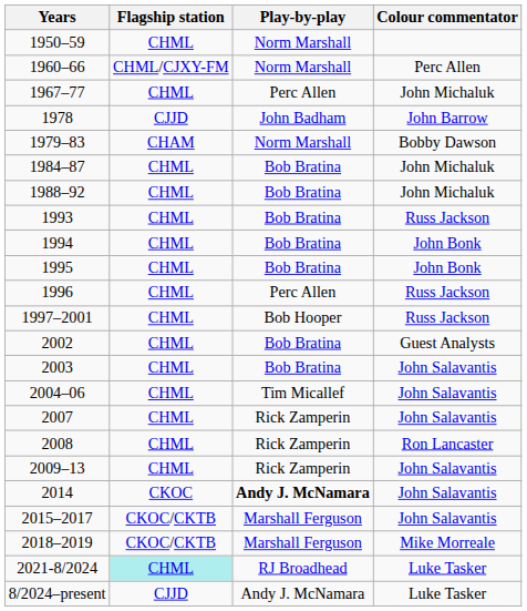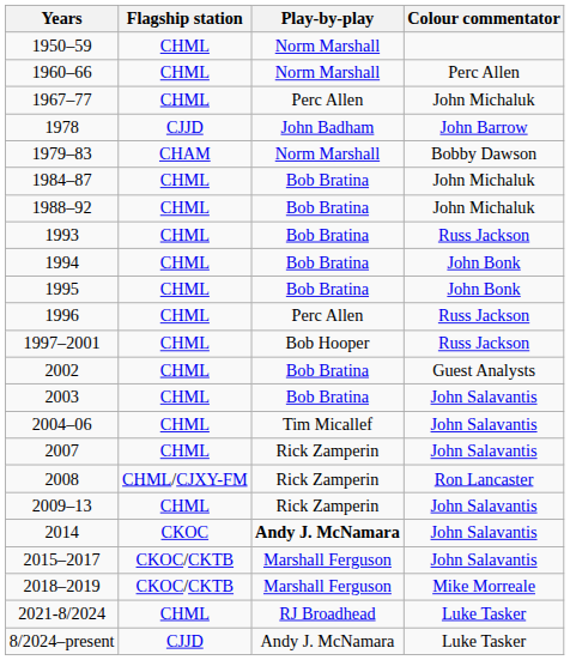 <table class="wikitable" style="text-align: center;">
 <tr>
 <th>Years</th>
 <th>Flagship station</th>
 <th>Play-by-play</th>
 <th>Colour commentator</th>
 </tr>
 <tr>
 <td>1950–59</td>
 <td><a href='#'>CHML</a></td>
 <td><a href='#'>Norm Marshall</a></td>
 <td></td>
 </tr>
 <tr>
 <td>1960–66</td>
-<td><a href='#'>CHML</a>/<a href='#'>CJXY-FM</a></td>
+<td><a href='#'>CHML</a></td>
 <td><a href='#'>Norm Marshall</a></td>
 <td>Perc Allen</td>
 </tr>
 <tr>
 <td>1967–77</td>
 <td><a href='#'>CHML</a></td>
 <td>Perc Allen</td>
 <td>John Michaluk</td>
 </tr>
 <tr>
 <td>1978</td>
 <td><a href='#'>CJJD</a></td>
 <td><a href='#'>John Badham</a></td>
 <td><a href='#'>John Barrow</a></td>
 </tr>
 <tr>
 <td>1979–83</td>
 <td><a href='#'>CHAM</a></td>
 <td><a href='#'>Norm Marshall</a></td>
 <td>Bobby Dawson</td>
 </tr>
 <tr>
 <td>1984–87</td>
 <td><a href='#'>CHML</a></td>
 <td><a href='#'>Bob Bratina</a></td>
 <td>John Michaluk</td>
 </tr>
 <tr>
 <td>1988–92</td>
 <td><a href='#'>CHML</a></td>
 <td><a href='#'>Bob Bratina</a></td>
 <td>John Michaluk</td>
 </tr>
 <tr>
 <td>1993</td>
 <td><a href='#'>CHML</a></td>
 <td><a href='#'>Bob Bratina</a></td>
 <td><a href='#'>Russ Jackson</a></td>
 </tr>
 <tr>
 <td>1994</td>
 <td><a href='#'>CHML</a></td>
 <td><a href='#'>Bob Bratina</a></td>
 <td><a href='#'>John Bonk</a></td>
 </tr>
 <tr>
 <td>1995</td>
 <td><a href='#'>CHML</a></td>
 <td><a href='#'>Bob Bratina</a></td>
 <td><a href='#'>John Bonk</a></td>
 </tr>
 <tr>
 <td>1996</td>
 <td><a href='#'>CHML</a></td>
 <td>Perc Allen</td>
 <td><a href='#'>Russ Jackson</a></td>
 </tr>
 <tr>
 <td>1997–2001</td>
 <td><a href='#'>CHML</a></td>
 <td>Bob Hooper</td>
 <td><a href='#'>Russ Jackson</a></td>
 </tr>
 <tr>
 <td>2002</td>
 <td><a href='#'>CHML</a></td>
 <td><a href='#'>Bob Bratina</a></td>
 <td>Guest Analysts</td>
 </tr>
 <tr>
 <td>2003</td>
 <td><a href='#'>CHML</a></td>
 <td><a href='#'>Bob Bratina</a></td>
 <td><a href='#'>John Salavantis</a></td>
 </tr>
 <tr>
 <td>2004–06</td>
 <td><a href='#'>CHML</a></td>
 <td>Tim Micallef</td>
 <td><a href='#'>John Salavantis</a></td>
 </tr>
 <tr>
 <td>2007</td>
 <td><a href='#'>CHML</a></td>
 <td>Rick Zamperin</td>
 <td><a href='#'>John Salavantis</a></td>
 </tr>
 <tr>
 <td>2008</td>
-<td><a href='#'>CHML</a></td>
+<td><a href='#'>CHML</a>/<a href='#'>CJXY-FM</a></td>
 <td>Rick Zamperin</td>
 <td><a href='#'>Ron Lancaster</a></td>
 </tr>
 <tr>
 <td>2009–13</td>
 <td><a href='#'>CHML</a></td>
 <td>Rick Zamperin</td>
 <td><a href='#'>John Salavantis</a></td>
 </tr>
 <tr>
 <td>2014</td>
 <td><a href='#'>CKOC</a></td>
 <td><strong>Andy J. McNamara</strong></td>
 <td><a href='#'>John Salavantis</a></td>
 </tr>
 <tr>
 <td>2015–2017</td>
 <td><a href='#'>CKOC</a>/<a href='#'>CKTB</a></td>
 <td><a href='#'>Marshall Ferguson</a></td>
 <td><a href='#'>John Salavantis</a></td>
 </tr>
 <tr>
 <td>2018–2019</td>
 <td><a href='#'>CKOC</a>/<a href='#'>CKTB</a></td>
 <td><a href='#'>Marshall Ferguson</a></td>
 <td><a href='#'>Mike Morreale</a></td>
 </tr>
 <tr>
 <td>2021-8/2024</td>
-<td style="background: paleturquoise;"><a href='#'>CHML</a></td>
+<td><a href='#'>CHML</a></td>
 <td><a href='#'>RJ Broadhead</a></td>
 <td><a href='#'>Luke Tasker</a></td>
 </tr>
 <tr>
 <td>8/2024–present</td>
 <td><a href='#'>CJJD</a></td>
 <td>Andy J. McNamara</td>
 <td>Luke Tasker</td>
 </tr>
 </table>
